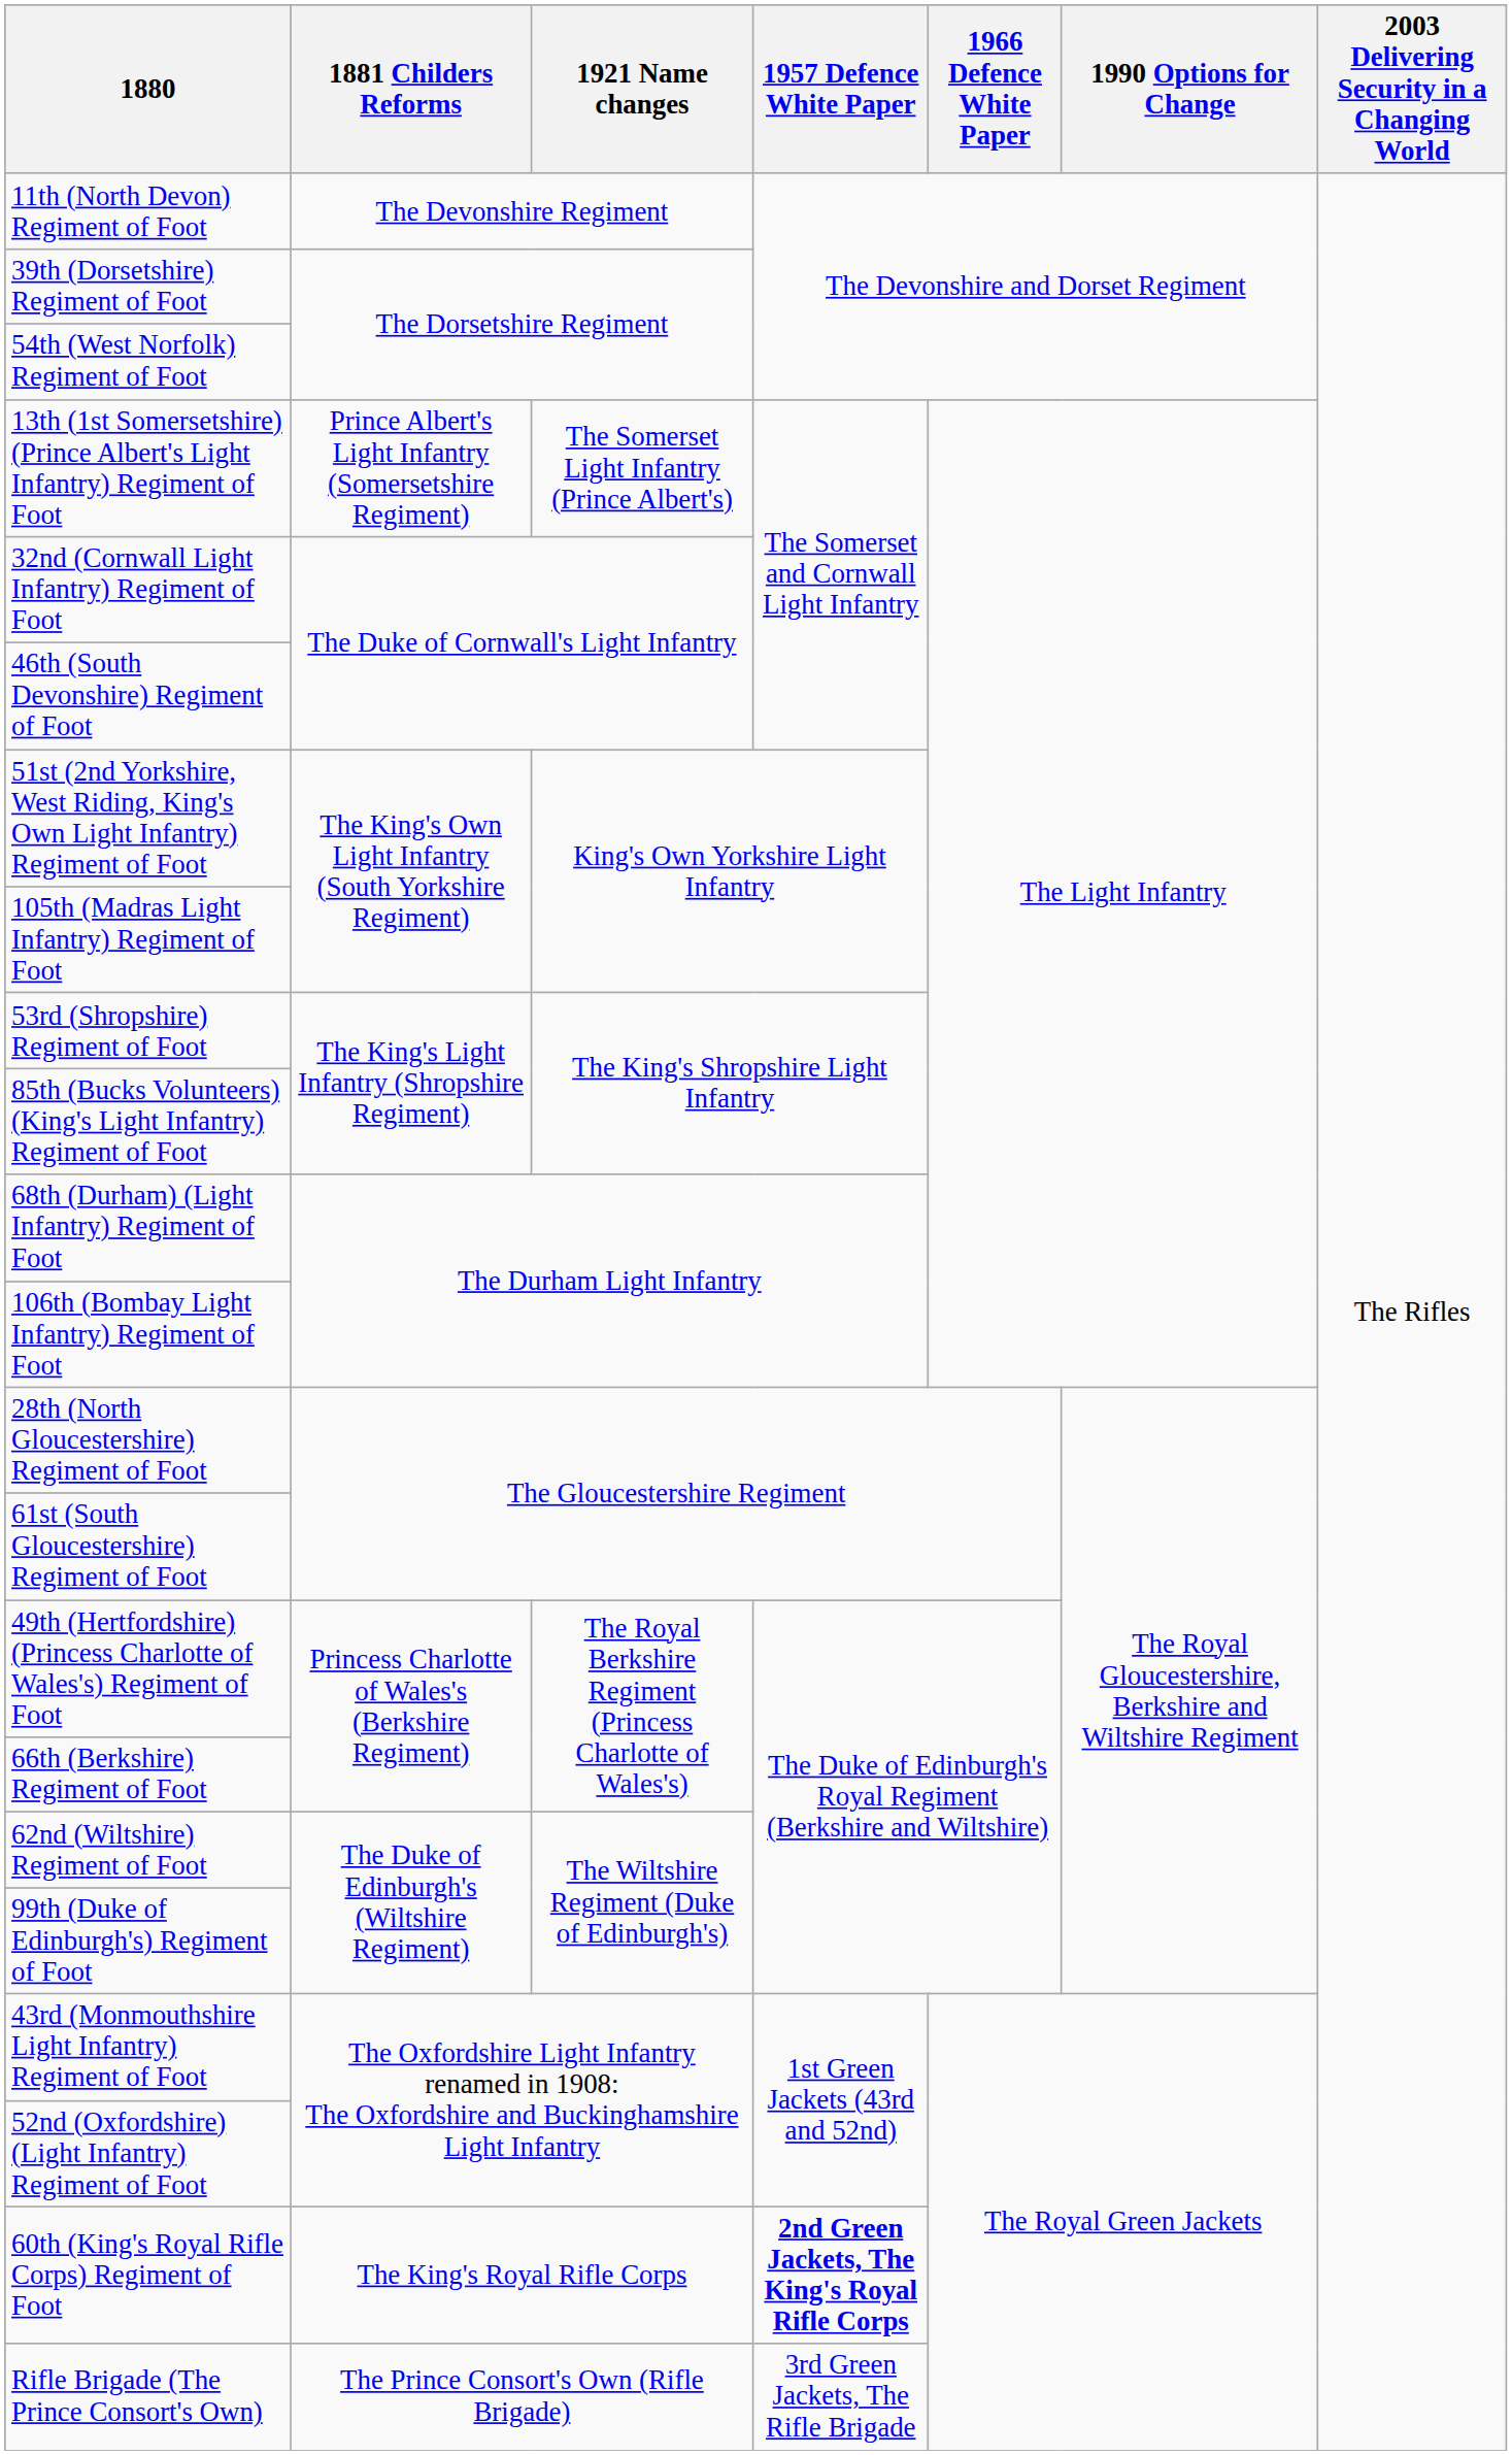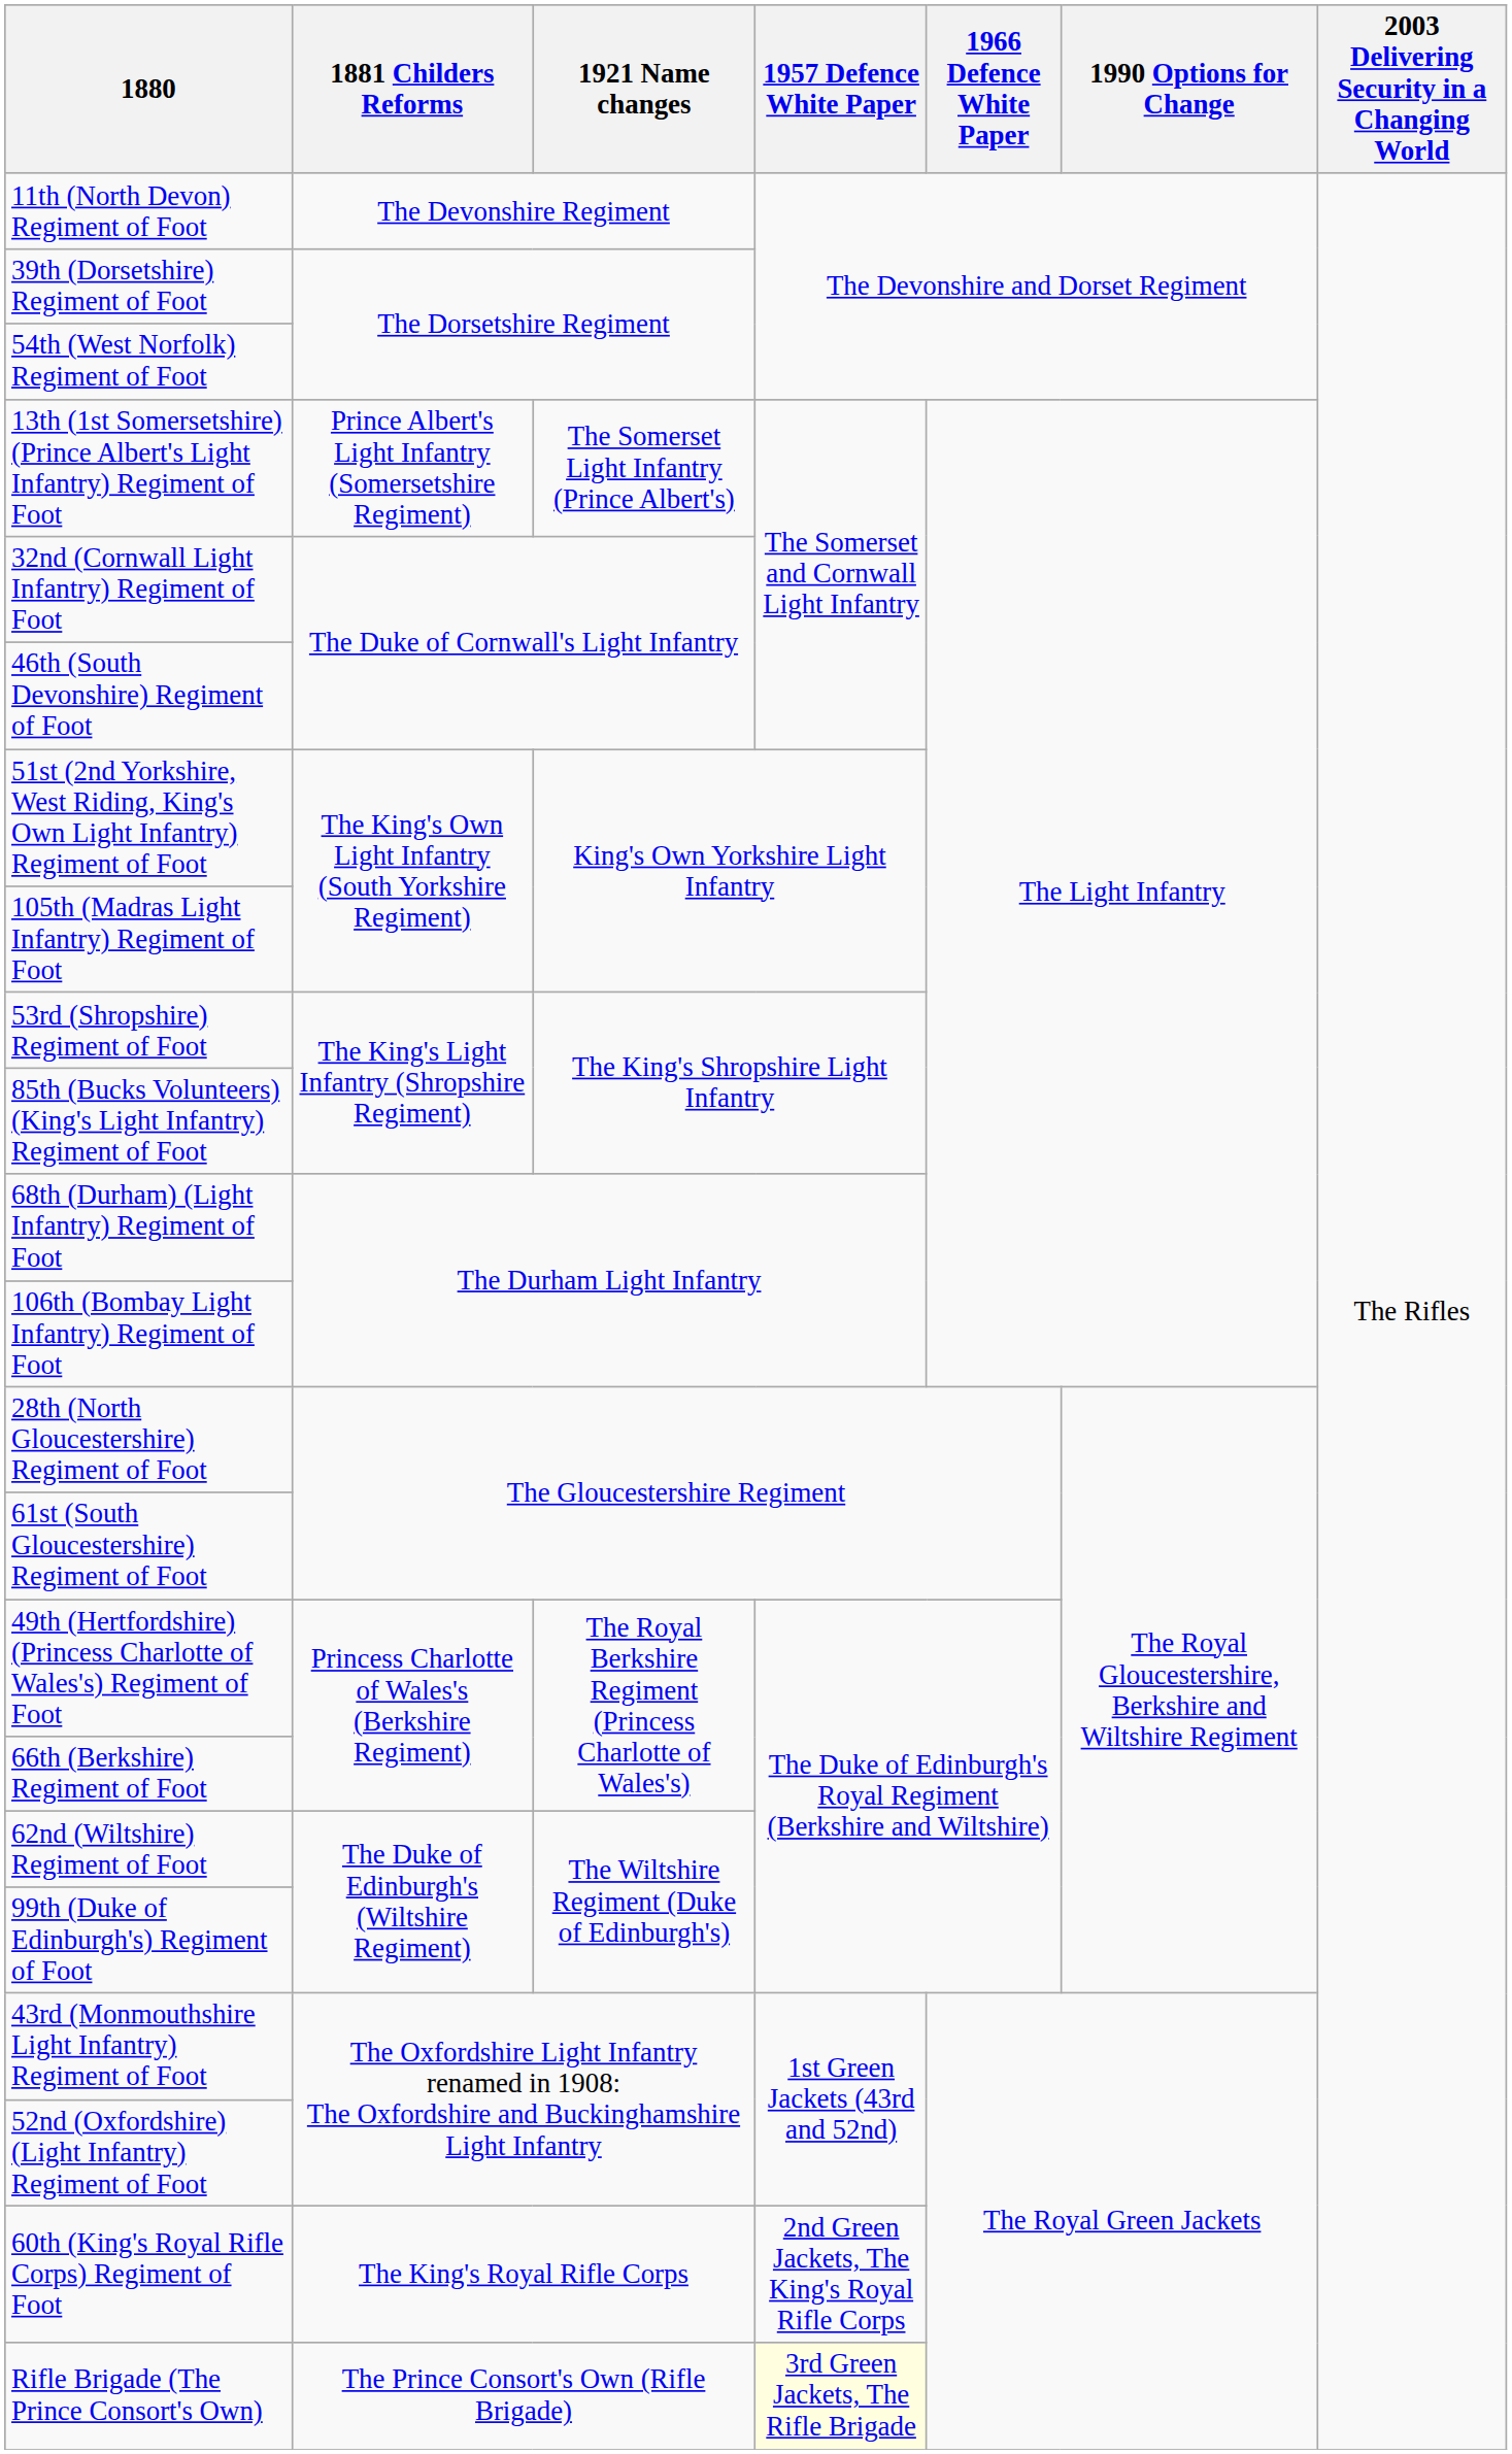 <table class="wikitable">
 <tr>
 <th>1880</th>
 <th>1881 <a href='#'>Childers Reforms</a></th>
 <th>1921 Name changes</th>
 <th><a href='#'>1957 Defence White Paper</a></th>
 <th><a href='#'>1966 Defence White Paper</a></th>
 <th>1990 <a href='#'>Options for Change</a></th>
 <th>2003 <a href='#'>Delivering Security in a Changing World</a></th>
 </tr>
 <tr>
 <td><a href='#'>11th (North Devon) Regiment of Foot</a></td>
 <td colspan="2" style="text-align:center;"><a href='#'>The Devonshire Regiment</a></td>
 <td rowspan="3" colspan="3" style="text-align: center;"><a href='#'>The Devonshire and Dorset Regiment</a></td>
 <td rowspan="22" style="text-align:center;">The Rifles</td>
 </tr>
 <tr>
 <td><a href='#'>39th (Dorsetshire) Regiment of Foot</a></td>
 <td rowspan="2" colspan="2" style="text-align: center;"><a href='#'>The Dorsetshire Regiment</a></td>
 </tr>
 <tr>
 <td><a href='#'>54th (West Norfolk) Regiment of Foot</a></td>
 </tr>
 <tr>
 <td><a href='#'>13th (1st Somersetshire) (Prince Albert's Light Infantry) Regiment of Foot</a></td>
 <td style="text-align:center;"><a href='#'>Prince Albert's Light Infantry (Somersetshire Regiment)</a></td>
 <td style="text-align:center;"><a href='#'>The Somerset Light Infantry (Prince Albert's)</a></td>
 <td rowspan="3" style="text-align:center;"><a href='#'>The Somerset and Cornwall Light Infantry</a></td>
 <td rowspan="9" colspan="2" style="text-align: center;"><a href='#'>The Light Infantry</a></td>
 </tr>
 <tr>
 <td><a href='#'>32nd (Cornwall Light Infantry) Regiment of Foot</a></td>
 <td rowspan="2" colspan="2" style="text-align: center;"><a href='#'>The Duke of Cornwall's Light Infantry</a></td>
 </tr>
 <tr>
 <td><a href='#'>46th (South Devonshire) Regiment of Foot</a></td>
 </tr>
 <tr>
 <td><a href='#'>51st (2nd Yorkshire, West Riding, King's Own Light Infantry) Regiment of Foot</a></td>
 <td rowspan="2" style="text-align:center;"><a href='#'>The King's Own Light Infantry (South Yorkshire Regiment)</a></td>
 <td rowspan="2" colspan="2" style="text-align: center;"><a href='#'>King's Own Yorkshire Light Infantry</a></td>
 </tr>
 <tr>
 <td><a href='#'>105th (Madras Light Infantry) Regiment of Foot</a></td>
 </tr>
 <tr>
 <td><a href='#'>53rd (Shropshire) Regiment of Foot</a></td>
 <td rowspan="2" style="text-align:center;"><a href='#'>The King's Light Infantry (Shropshire Regiment)</a></td>
 <td rowspan="2" colspan="2" style="text-align: center;"><a href='#'>The King's Shropshire Light Infantry</a></td>
 </tr>
 <tr>
 <td><a href='#'>85th (Bucks Volunteers) (King's Light Infantry) Regiment of Foot</a></td>
 </tr>
 <tr>
 <td><a href='#'>68th (Durham) (Light Infantry) Regiment of Foot</a></td>
 <td rowspan="2" colspan="3" style="text-align: center;"><a href='#'>The Durham Light Infantry</a></td>
 </tr>
 <tr>
 <td><a href='#'>106th (Bombay Light Infantry) Regiment of Foot</a></td>
 </tr>
 <tr>
 <td><a href='#'>28th (North Gloucestershire) Regiment of Foot</a></td>
 <td rowspan="2" colspan="4" style="text-align: center;"><a href='#'>The Gloucestershire Regiment</a></td>
 <td rowspan="6" style="text-align:center;"><a href='#'>The Royal Gloucestershire, Berkshire and Wiltshire Regiment</a></td>
 </tr>
 <tr>
 <td><a href='#'>61st (South Gloucestershire) Regiment of Foot</a></td>
 </tr>
 <tr>
 <td><a href='#'>49th (Hertfordshire) (Princess Charlotte of Wales's) Regiment of Foot</a></td>
 <td rowspan="2" style="text-align:center;"><a href='#'>Princess Charlotte of Wales's (Berkshire Regiment)</a></td>
 <td rowspan="2" style="text-align:center;"><a href='#'>The Royal Berkshire Regiment (Princess Charlotte of Wales's)</a></td>
 <td rowspan="4" colspan="2" style="text-align: center;"><a href='#'>The Duke of Edinburgh's Royal Regiment (Berkshire and Wiltshire)</a></td>
 </tr>
 <tr>
 <td><a href='#'>66th (Berkshire) Regiment of Foot</a></td>
 </tr>
 <tr>
 <td><a href='#'>62nd (Wiltshire) Regiment of Foot</a></td>
 <td rowspan="2" style="text-align:center;"><a href='#'>The Duke of Edinburgh's (Wiltshire Regiment)</a></td>
 <td rowspan="2" style="text-align:center;"><a href='#'>The Wiltshire Regiment (Duke of Edinburgh's)</a></td>
 </tr>
 <tr>
 <td><a href='#'>99th (Duke of Edinburgh's) Regiment of Foot</a></td>
 </tr>
 <tr>
 <td><a href='#'>43rd (Monmouthshire Light Infantry) Regiment of Foot</a></td>
 <td rowspan="2" colspan="2" style="text-align: center;"><a href='#'>The Oxfordshire Light Infantry</a><br>renamed in 1908:<br><a href='#'>The Oxfordshire and Buckinghamshire Light Infantry</a></td>
 <td rowspan="2" style="text-align:center;"><a href='#'>1st Green Jackets (43rd and 52nd)</a></td>
 <td rowspan="4" colspan="2" style="text-align: center;"><a href='#'>The Royal Green Jackets</a></td>
 </tr>
 <tr>
 <td><a href='#'>52nd (Oxfordshire) (Light Infantry) Regiment of Foot</a></td>
 </tr>
 <tr>
 <td><a href='#'>60th (King's Royal Rifle Corps) Regiment of Foot</a></td>
 <td colspan="2" style="text-align:center;"><a href='#'>The King's Royal Rifle Corps</a></td>
-<td style="text-align:center;"><strong><a href='#'>2nd Green Jackets, The King's Royal Rifle Corps</a></strong></td>
+<td style="text-align:center;"><a href='#'>2nd Green Jackets, The King's Royal Rifle Corps</a></td>
 </tr>
 <tr>
 <td><a href='#'>Rifle Brigade (The Prince Consort's Own)</a></td>
 <td colspan="2" style="text-align:center;"><a href='#'>The Prince Consort's Own (Rifle Brigade)</a></td>
-<td style="text-align:center;"><a href='#'>3rd Green Jackets, The Rifle Brigade</a></td>
+<td style="background: lightyellow; text-align:center;"><a href='#'>3rd Green Jackets, The Rifle Brigade</a></td>
 </tr>
 </table>
